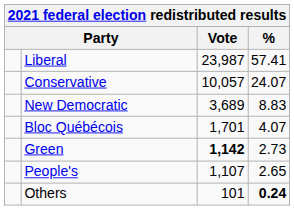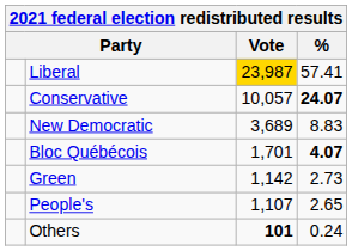 <table class="wikitable">
 <tr>
 <th colspan="4"><a href='#'>2021 federal election</a> redistributed results</th>
 </tr>
 <tr>
 <th bgcolor="#DDDDFF" width="130px" colspan="2">Party</th>
 <th bgcolor="#DDDDFF" width="50px">Vote</th>
 <th bgcolor="#DDDDFF" width="30px">%</th>
 </tr>
 <tr>
 <td> </td>
 <td><a href='#'>Liberal</a></td>
-<td align=right>23,987</td>
+<td align=right style="background: gold;">23,987</td>
 <td align=right>57.41</td>
 </tr>
 <tr>
 <td> </td>
 <td><a href='#'>Conservative</a></td>
 <td align=right>10,057</td>
-<td align=right>24.07</td>
+<td align=right><strong>24.07</strong></td>
 </tr>
 <tr>
 <td> </td>
 <td><a href='#'>New Democratic</a></td>
 <td align=right>3,689</td>
 <td align=right>8.83</td>
 </tr>
 <tr>
 <td> </td>
 <td><a href='#'>Bloc Québécois</a></td>
 <td align=right>1,701</td>
-<td align=right>4.07</td>
+<td align=right><strong>4.07</strong></td>
 </tr>
 <tr>
 <td> </td>
 <td><a href='#'>Green</a></td>
-<td align=right><strong>1,142</strong></td>
+<td align=right>1,142</td>
 <td align=right>2.73</td>
 </tr>
 <tr>
 <td> </td>
 <td><a href='#'>People's</a></td>
 <td align=right>1,107</td>
 <td align=right>2.65</td>
 </tr>
 <tr>
 <td> </td>
 <td>Others</td>
-<td align=right>101</td>
-<td align=right><strong>0.24</strong></td>
+<td align=right><strong>101</strong></td>
+<td align=right>0.24</td>
 </tr>
 </table>
